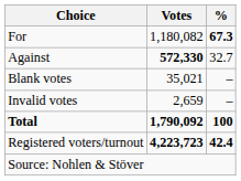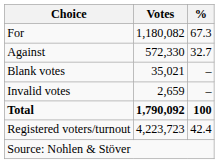 <table class=wikitable style=text-align:right>
 <tr>
 <th>Choice</th>
 <th>Votes</th>
 <th>%</th>
 </tr>
 <tr>
 <td align=left>For</td>
 <td>1,180,082</td>
-<td><strong>67.3</strong></td>
+<td>67.3</td>
 </tr>
 <tr>
 <td align=left>Against</td>
-<td><strong>572,330</strong></td>
+<td>572,330</td>
 <td>32.7</td>
 </tr>
 <tr>
 <td align=left>Blank votes</td>
 <td>35,021</td>
 <td>–</td>
 </tr>
 <tr>
 <td align=left>Invalid votes</td>
 <td>2,659</td>
 <td>–</td>
 </tr>
 <tr>
 <td align=left><strong>Total</strong></td>
 <td><strong>1,790,092</strong></td>
 <td><strong>100</strong></td>
 </tr>
 <tr>
 <td align=left>Registered voters/turnout</td>
-<td><strong>4,223,723</strong></td>
-<td><strong>42.4</strong></td>
+<td>4,223,723</td>
+<td>42.4</td>
 </tr>
 <tr>
 <td align=left colspan=3>Source: Nohlen & Stöver</td>
 </tr>
 </table>
